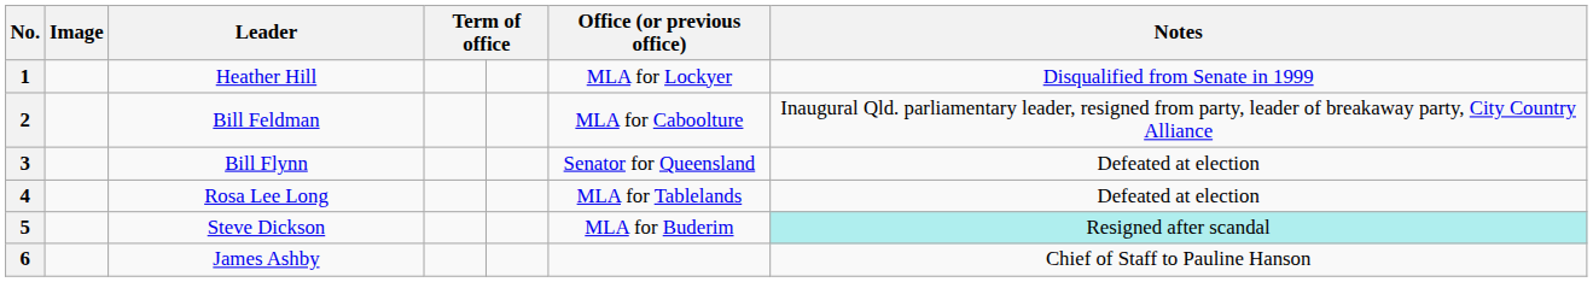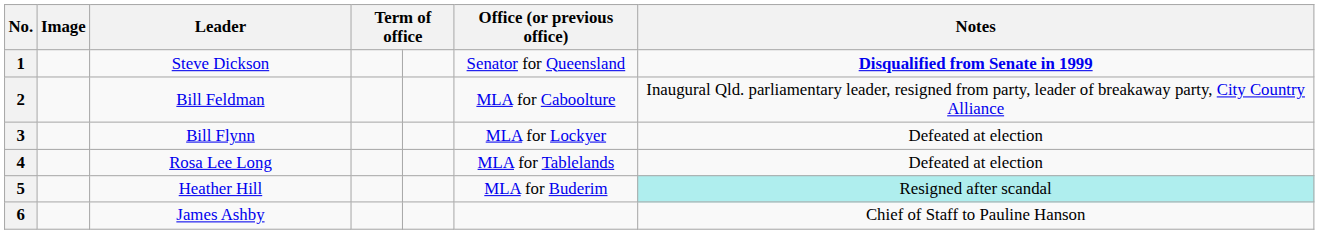 <table class="wikitable" style="text-align:center">
 <tr>
 <th width=2%>No.</th>
 <th>Image</th>
 <th style="width:20%;">Leader</th>
 <th colspan="2">Term of office</th>
 <th>Office (or previous office)</th>
 <th>Notes</th>
 </tr>
 <tr>
 <th style="background:">1</th>
 <td></td>
-<td style="text-align:center;"><a href='#'>Heather Hill</a></td>
+<td style="text-align:center;"><a href='#'>Steve Dickson</a></td>
 <td></td>
 <td></td>
-<td><a href='#'>MLA</a> for <a href='#'>Lockyer</a><br> </td>
-<td><a href='#'>Disqualified from Senate in 1999</a></td>
+<td><a href='#'>Senator</a> for <a href='#'>Queensland</a><br></td>
+<td><strong><a href='#'>Disqualified from Senate in 1999</a></strong></td>
 </tr>
 <tr>
 <th style="background:">2</th>
 <td></td>
 <td style="text-align:center;"><a href='#'>Bill Feldman</a></td>
 <td></td>
 <td></td>
 <td><a href='#'>MLA</a> for <a href='#'>Caboolture</a><br> </td>
 <td>Inaugural Qld. parliamentary leader, resigned from party, leader of breakaway party, <a href='#'>City Country Alliance</a> </td>
 </tr>
 <tr>
 <th style="background:">3</th>
 <td></td>
 <td style="text-align:center;"><a href='#'>Bill Flynn</a></td>
 <td></td>
 <td></td>
-<td><a href='#'>Senator</a> for <a href='#'>Queensland</a><br></td>
+<td><a href='#'>MLA</a> for <a href='#'>Lockyer</a><br> </td>
 <td>Defeated at election</td>
 </tr>
 <tr>
 <th style="background:">4</th>
 <td></td>
 <td style="text-align:center;"><a href='#'>Rosa Lee Long</a></td>
 <td></td>
 <td></td>
 <td><a href='#'>MLA</a> for <a href='#'>Tablelands</a><br> </td>
 <td>Defeated at election</td>
 </tr>
 <tr>
 <th style="background:">5</th>
 <td></td>
-<td style="text-align:center;"><a href='#'>Steve Dickson</a></td>
+<td style="text-align:center;"><a href='#'>Heather Hill</a></td>
 <td></td>
 <td></td>
 <td><a href='#'>MLA</a> for <a href='#'>Buderim</a><br></td>
 <td style="background: paleturquoise;">Resigned after scandal</td>
 </tr>
 <tr>
 <th style="background:">6</th>
 <td></td>
 <td style="text-align:center;"><a href='#'>James Ashby</a></td>
 <td></td>
 <td></td>
 <td></td>
 <td>Chief of Staff to Pauline Hanson</td>
 </tr>
 </table>
